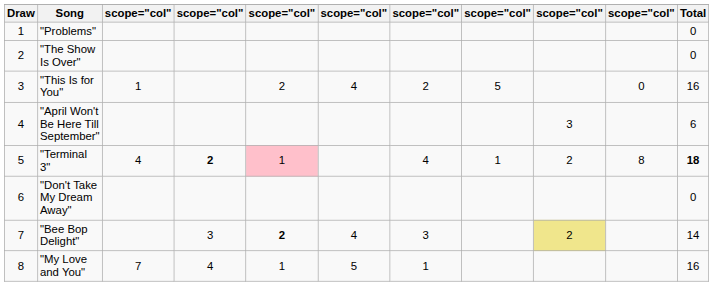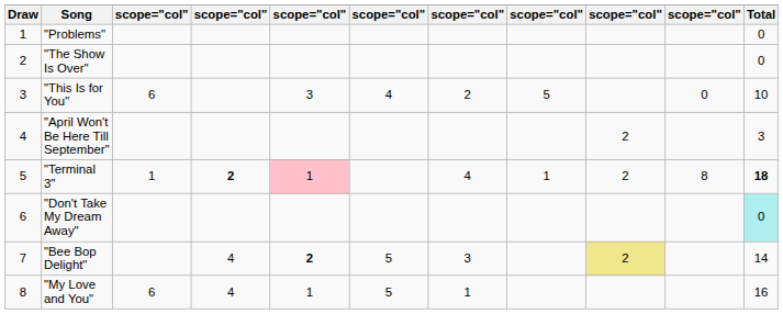 <table class="wikitable plainrowheaders" style="margin: 1em auto 1em auto; text-align:center;">
 <tr>
 </tr>
 <tr>
 <th scope="col">Draw</th>
 <th scope="col">Song</th>
 <th>scope="col" </th>
 <th>scope="col" </th>
 <th>scope="col" </th>
 <th>scope="col" </th>
 <th>scope="col" </th>
 <th>scope="col" </th>
 <th>scope="col" </th>
 <th>scope="col" </th>
 <th scope="col">Total</th>
 </tr>
 <tr --->
 <td>1</td>
 <td align="left">"Problems"</td>
 <td></td>
 <td></td>
 <td></td>
 <td></td>
 <td></td>
 <td></td>
 <td></td>
 <td></td>
 <td>0</td>
 </tr>
 <tr --->
 <td>2</td>
 <td align="left">"The Show Is Over"</td>
 <td></td>
 <td></td>
 <td></td>
 <td></td>
 <td></td>
 <td></td>
 <td></td>
 <td></td>
 <td>0</td>
 </tr>
 <tr --->
 <td>3</td>
 <td align="left">"This Is for You"</td>
-<td>1</td>
+<td>6</td>
 <td></td>
-<td>2</td>
+<td>3</td>
 <td>4</td>
 <td>2</td>
 <td>5</td>
 <td></td>
 <td>0</td>
-<td>16</td>
+<td>10</td>
 </tr>
 <tr --->
 <td>4</td>
 <td align="left">"April Won't Be Here Till September"</td>
 <td></td>
 <td></td>
 <td></td>
 <td></td>
 <td></td>
 <td></td>
+<td>2</td>
+<td></td>
 <td>3</td>
-<td></td>
-<td>6</td>
 </tr>
 <tr --->
 <td>5</td>
 <td align="left">"Terminal 3"</td>
-<td>4</td>
+<td>1</td>
 <td><strong>2</strong></td>
 <td style="background: pink;">1</td>
 <td></td>
 <td>4</td>
 <td>1</td>
 <td>2</td>
 <td>8</td>
 <td><strong>18</strong></td>
 </tr>
 <tr --->
 <td>6</td>
 <td align="left">"Don't Take My Dream Away"</td>
 <td></td>
 <td></td>
 <td></td>
 <td></td>
 <td></td>
 <td></td>
 <td></td>
 <td></td>
-<td>0</td>
+<td style="background: paleturquoise;">0</td>
 </tr>
 <tr --->
 <td>7</td>
 <td align="left">"Bee Bop Delight"</td>
 <td></td>
-<td>3</td>
+<td>4</td>
 <td><strong>2</strong></td>
-<td>4</td>
+<td>5</td>
 <td>3</td>
 <td></td>
 <td style="background: khaki;">2</td>
 <td></td>
 <td>14</td>
 </tr>
 <tr --->
 <td>8</td>
 <td align="left">"My Love and You"</td>
-<td>7</td>
+<td>6</td>
 <td>4</td>
 <td>1</td>
 <td>5</td>
 <td>1</td>
 <td></td>
 <td></td>
 <td></td>
 <td>16</td>
 </tr>
 </table>
